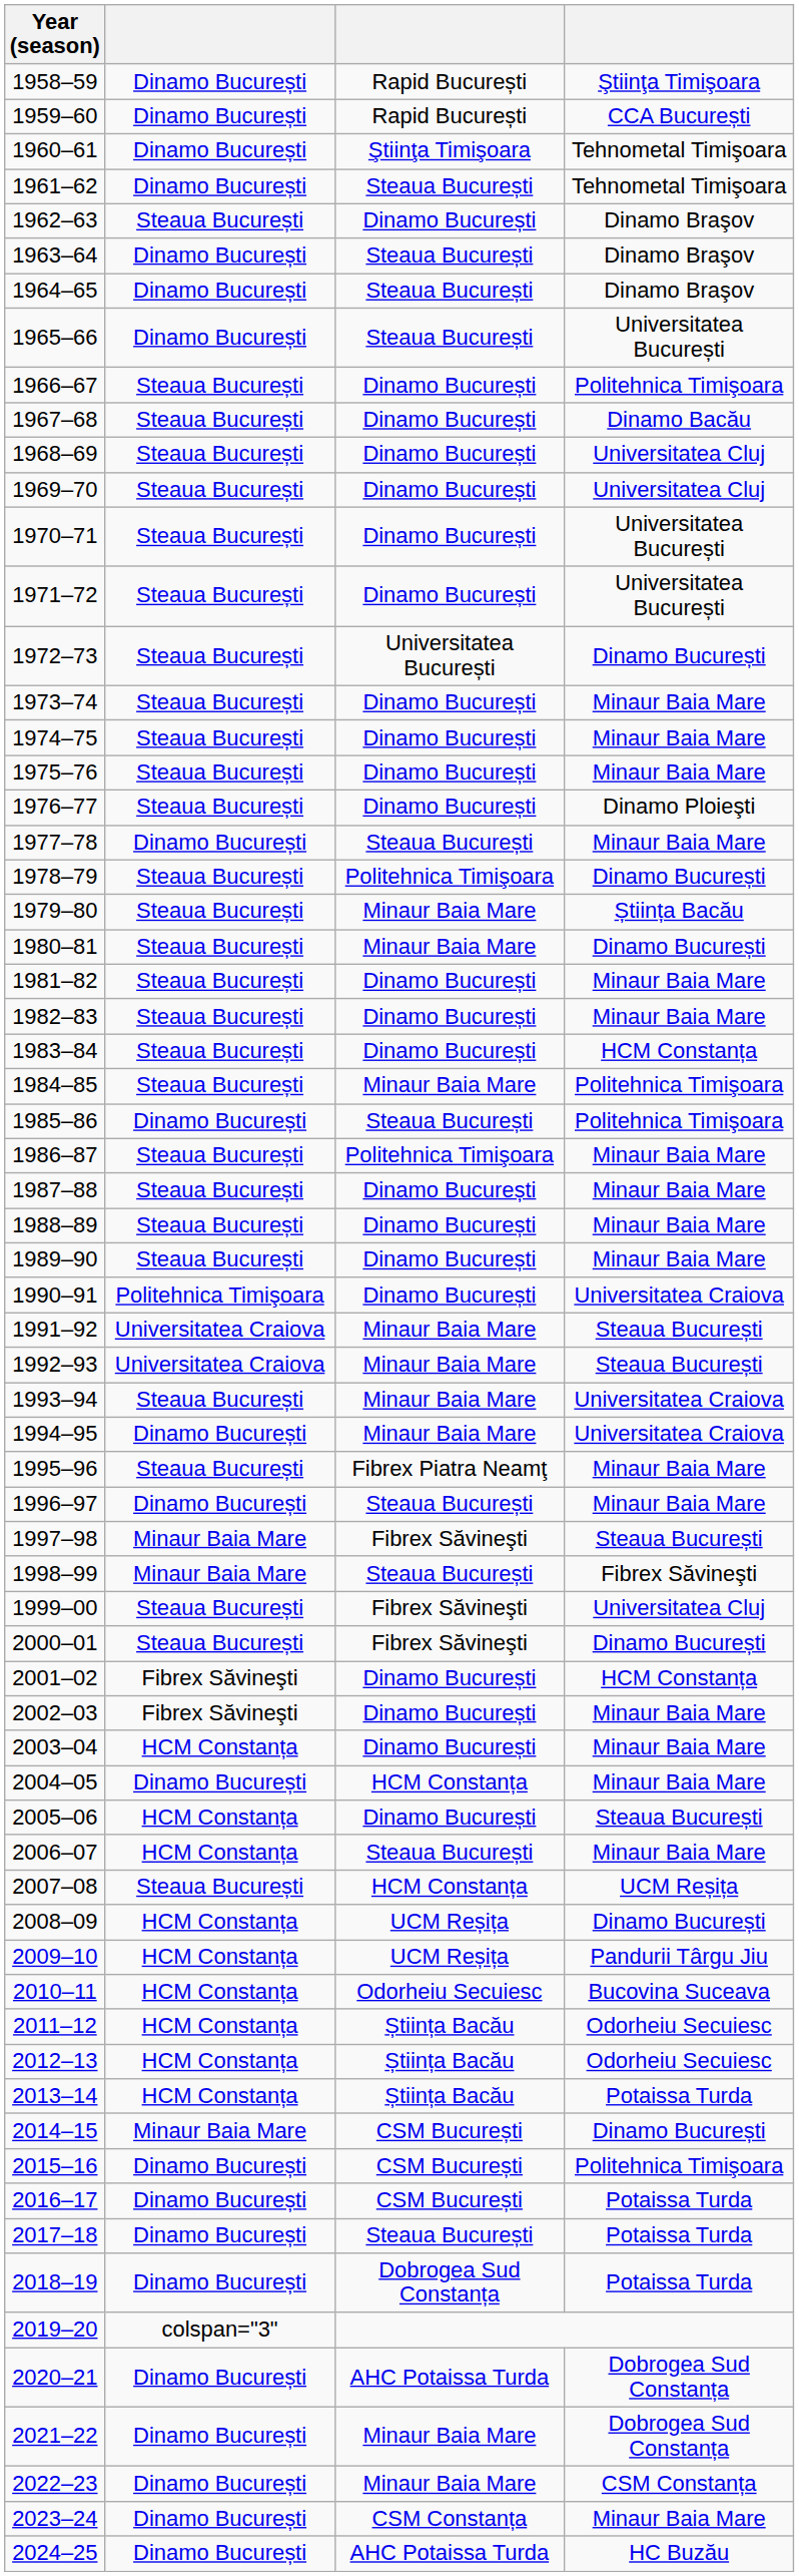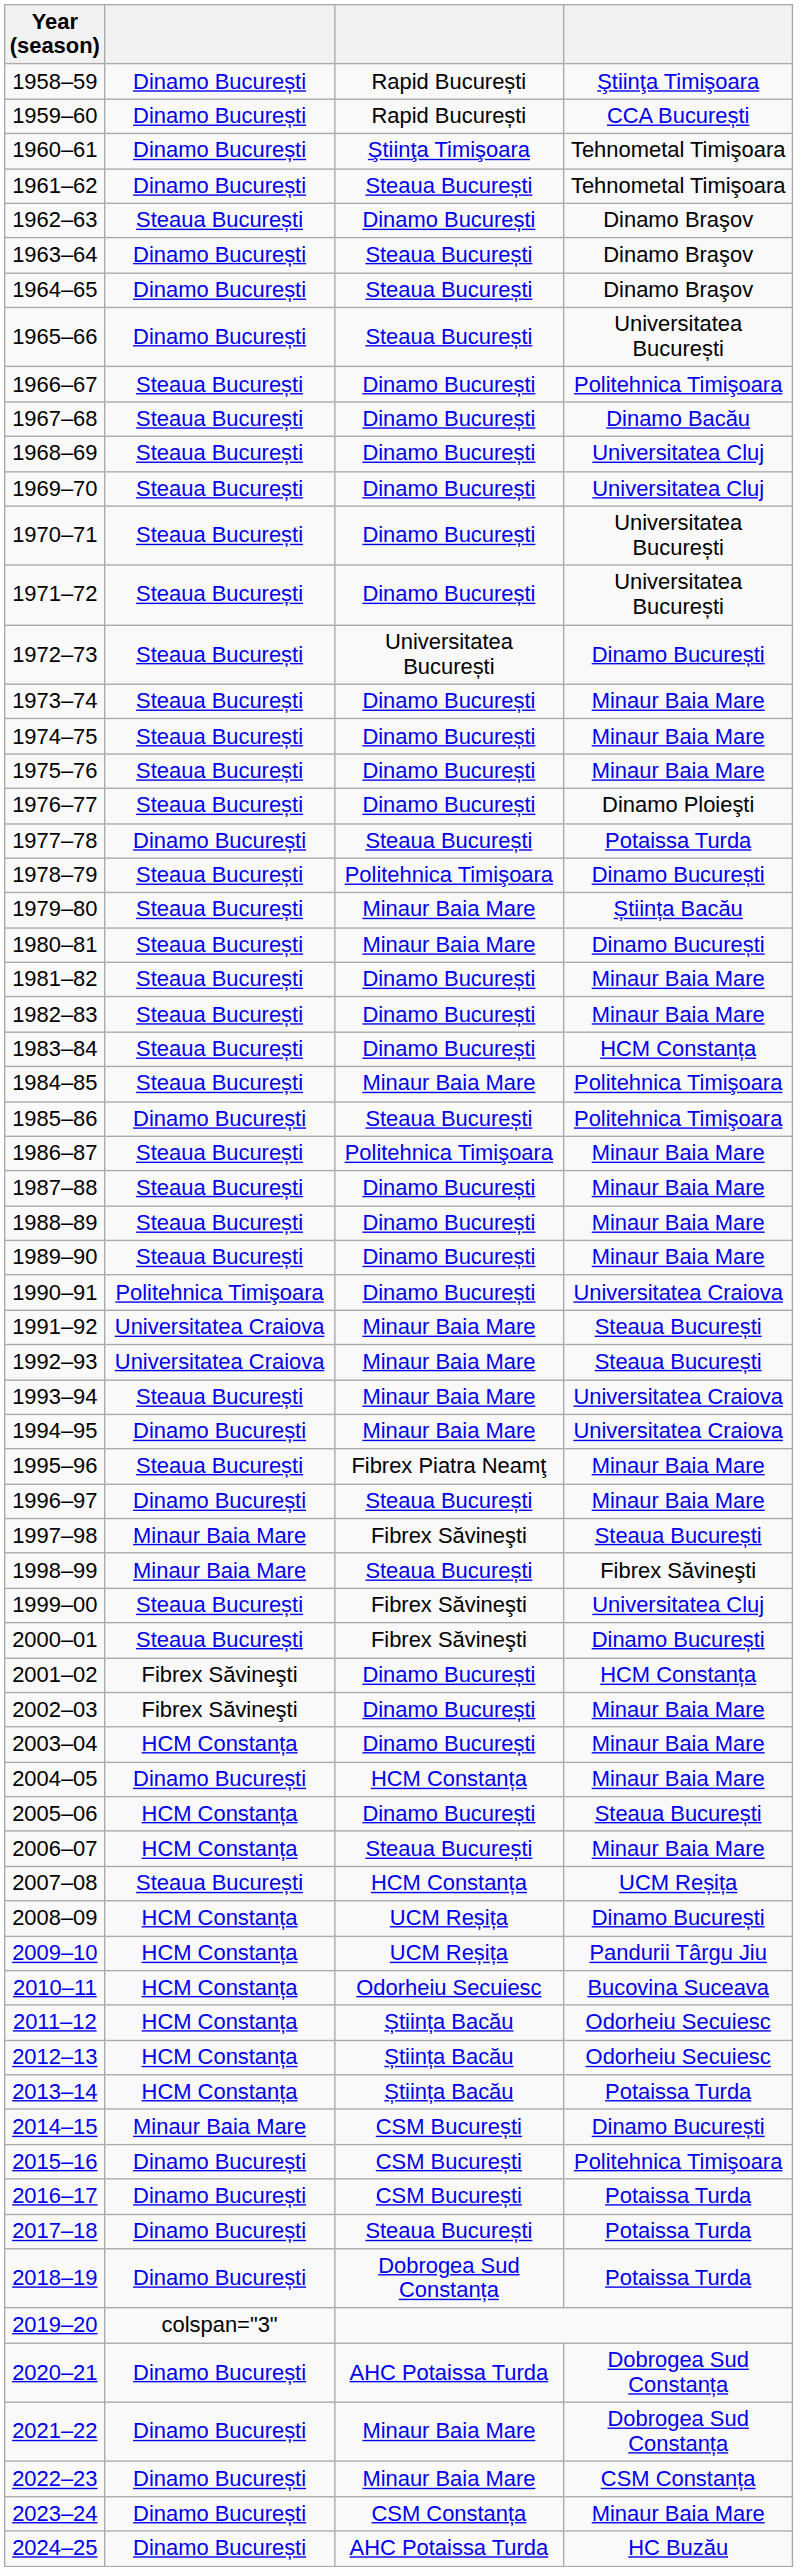 <table class="wikitable" style="text-align: center;">
 <tr>
 <th width="50"><strong>Year (season)</strong></th>
 <th width="160"></th>
 <th width="160"></th>
 <th width="160"></th>
 </tr>
 <tr>
 <td>1958–59</td>
 <td><a href='#'>Dinamo București</a></td>
 <td>Rapid București</td>
 <td><a href='#'>Ştiinţa Timişoara</a></td>
 </tr>
 <tr>
 <td>1959–60</td>
 <td><a href='#'>Dinamo București</a></td>
 <td>Rapid București</td>
 <td><a href='#'>CCA București</a></td>
 </tr>
 <tr>
 <td>1960–61</td>
 <td><a href='#'>Dinamo București</a></td>
 <td><a href='#'>Ştiinţa Timişoara</a></td>
 <td>Tehnometal Timişoara</td>
 </tr>
 <tr>
 <td>1961–62</td>
 <td><a href='#'>Dinamo București</a></td>
 <td><a href='#'>Steaua București</a></td>
 <td>Tehnometal Timişoara</td>
 </tr>
 <tr>
 <td>1962–63</td>
 <td><a href='#'>Steaua București</a></td>
 <td><a href='#'>Dinamo București</a></td>
 <td>Dinamo Braşov</td>
 </tr>
 <tr>
 <td>1963–64</td>
 <td><a href='#'>Dinamo București</a></td>
 <td><a href='#'>Steaua București</a></td>
 <td>Dinamo Braşov</td>
 </tr>
 <tr>
 <td>1964–65</td>
 <td><a href='#'>Dinamo București</a></td>
 <td><a href='#'>Steaua București</a></td>
 <td>Dinamo Braşov</td>
 </tr>
 <tr>
 <td>1965–66</td>
 <td><a href='#'>Dinamo București</a></td>
 <td><a href='#'>Steaua București</a></td>
 <td>Universitatea București</td>
 </tr>
 <tr>
 <td>1966–67</td>
 <td><a href='#'>Steaua București</a></td>
 <td><a href='#'>Dinamo București</a></td>
 <td><a href='#'>Politehnica Timişoara</a></td>
 </tr>
 <tr>
 <td>1967–68</td>
 <td><a href='#'>Steaua București</a></td>
 <td><a href='#'>Dinamo București</a></td>
 <td><a href='#'>Dinamo Bacău</a></td>
 </tr>
 <tr>
 <td>1968–69</td>
 <td><a href='#'>Steaua București</a></td>
 <td><a href='#'>Dinamo București</a></td>
 <td><a href='#'>Universitatea Cluj</a></td>
 </tr>
 <tr>
 <td>1969–70</td>
 <td><a href='#'>Steaua București</a></td>
 <td><a href='#'>Dinamo București</a></td>
 <td><a href='#'>Universitatea Cluj</a></td>
 </tr>
 <tr>
 <td>1970–71</td>
 <td><a href='#'>Steaua București</a></td>
 <td><a href='#'>Dinamo București</a></td>
 <td>Universitatea București</td>
 </tr>
 <tr>
 <td>1971–72</td>
 <td><a href='#'>Steaua București</a></td>
 <td><a href='#'>Dinamo București</a></td>
 <td>Universitatea București</td>
 </tr>
 <tr>
 <td>1972–73</td>
 <td><a href='#'>Steaua București</a></td>
 <td>Universitatea București</td>
 <td><a href='#'>Dinamo București</a></td>
 </tr>
 <tr>
 <td>1973–74</td>
 <td><a href='#'>Steaua București</a></td>
 <td><a href='#'>Dinamo București</a></td>
 <td><a href='#'>Minaur Baia Mare</a></td>
 </tr>
 <tr>
 <td>1974–75</td>
 <td><a href='#'>Steaua București</a></td>
 <td><a href='#'>Dinamo București</a></td>
 <td><a href='#'>Minaur Baia Mare</a></td>
 </tr>
 <tr>
 <td>1975–76</td>
 <td><a href='#'>Steaua București</a></td>
 <td><a href='#'>Dinamo București</a></td>
 <td><a href='#'>Minaur Baia Mare</a></td>
 </tr>
 <tr>
 <td>1976–77</td>
 <td><a href='#'>Steaua București</a></td>
 <td><a href='#'>Dinamo București</a></td>
 <td>Dinamo Ploieşti</td>
 </tr>
 <tr>
 <td>1977–78</td>
 <td><a href='#'>Dinamo București</a></td>
 <td><a href='#'>Steaua București</a></td>
-<td><a href='#'>Minaur Baia Mare</a></td>
+<td><a href='#'>Potaissa Turda</a></td>
 </tr>
 <tr>
 <td>1978–79</td>
 <td><a href='#'>Steaua București</a></td>
 <td><a href='#'>Politehnica Timişoara</a></td>
 <td><a href='#'>Dinamo București</a></td>
 </tr>
 <tr>
 <td>1979–80</td>
 <td><a href='#'>Steaua București</a></td>
 <td><a href='#'>Minaur Baia Mare</a></td>
 <td><a href='#'>Știința Bacău</a></td>
 </tr>
 <tr>
 <td>1980–81</td>
 <td><a href='#'>Steaua București</a></td>
 <td><a href='#'>Minaur Baia Mare</a></td>
 <td><a href='#'>Dinamo București</a></td>
 </tr>
 <tr>
 <td>1981–82</td>
 <td><a href='#'>Steaua București</a></td>
 <td><a href='#'>Dinamo București</a></td>
 <td><a href='#'>Minaur Baia Mare</a></td>
 </tr>
 <tr>
 <td>1982–83</td>
 <td><a href='#'>Steaua București</a></td>
 <td><a href='#'>Dinamo București</a></td>
 <td><a href='#'>Minaur Baia Mare</a></td>
 </tr>
 <tr>
 <td>1983–84</td>
 <td><a href='#'>Steaua București</a></td>
 <td><a href='#'>Dinamo București</a></td>
 <td><a href='#'>HCM Constanța</a></td>
 </tr>
 <tr>
 <td>1984–85</td>
 <td><a href='#'>Steaua București</a></td>
 <td><a href='#'>Minaur Baia Mare</a></td>
 <td><a href='#'>Politehnica Timişoara</a></td>
 </tr>
 <tr>
 <td>1985–86</td>
 <td><a href='#'>Dinamo București</a></td>
 <td><a href='#'>Steaua București</a></td>
 <td><a href='#'>Politehnica Timişoara</a></td>
 </tr>
 <tr>
 <td>1986–87</td>
 <td><a href='#'>Steaua București</a></td>
 <td><a href='#'>Politehnica Timişoara</a></td>
 <td><a href='#'>Minaur Baia Mare</a></td>
 </tr>
 <tr>
 <td>1987–88</td>
 <td><a href='#'>Steaua București</a></td>
 <td><a href='#'>Dinamo București</a></td>
 <td><a href='#'>Minaur Baia Mare</a></td>
 </tr>
 <tr>
 <td>1988–89</td>
 <td><a href='#'>Steaua București</a></td>
 <td><a href='#'>Dinamo București</a></td>
 <td><a href='#'>Minaur Baia Mare</a></td>
 </tr>
 <tr>
 <td>1989–90</td>
 <td><a href='#'>Steaua București</a></td>
 <td><a href='#'>Dinamo București</a></td>
 <td><a href='#'>Minaur Baia Mare</a></td>
 </tr>
 <tr>
 <td>1990–91</td>
 <td><a href='#'>Politehnica Timişoara</a></td>
 <td><a href='#'>Dinamo București</a></td>
 <td><a href='#'>Universitatea Craiova</a></td>
 </tr>
 <tr>
 <td>1991–92</td>
 <td><a href='#'>Universitatea Craiova</a></td>
 <td><a href='#'>Minaur Baia Mare</a></td>
 <td><a href='#'>Steaua București</a></td>
 </tr>
 <tr>
 <td>1992–93</td>
 <td><a href='#'>Universitatea Craiova</a></td>
 <td><a href='#'>Minaur Baia Mare</a></td>
 <td><a href='#'>Steaua București</a></td>
 </tr>
 <tr>
 <td>1993–94</td>
 <td><a href='#'>Steaua București</a></td>
 <td><a href='#'>Minaur Baia Mare</a></td>
 <td><a href='#'>Universitatea Craiova</a></td>
 </tr>
 <tr>
 <td>1994–95</td>
 <td><a href='#'>Dinamo București</a></td>
 <td><a href='#'>Minaur Baia Mare</a></td>
 <td><a href='#'>Universitatea Craiova</a></td>
 </tr>
 <tr>
 <td>1995–96</td>
 <td><a href='#'>Steaua București</a></td>
 <td>Fibrex Piatra Neamţ</td>
 <td><a href='#'>Minaur Baia Mare</a></td>
 </tr>
 <tr>
 <td>1996–97</td>
 <td><a href='#'>Dinamo București</a></td>
 <td><a href='#'>Steaua București</a></td>
 <td><a href='#'>Minaur Baia Mare</a></td>
 </tr>
 <tr>
 <td>1997–98</td>
 <td><a href='#'>Minaur Baia Mare</a></td>
 <td>Fibrex Săvineşti</td>
 <td><a href='#'>Steaua București</a></td>
 </tr>
 <tr>
 <td>1998–99</td>
 <td><a href='#'>Minaur Baia Mare</a></td>
 <td><a href='#'>Steaua București</a></td>
 <td>Fibrex Săvineşti</td>
 </tr>
 <tr>
 <td>1999–00</td>
 <td><a href='#'>Steaua București</a></td>
 <td>Fibrex Săvineşti</td>
 <td><a href='#'>Universitatea Cluj</a></td>
 </tr>
 <tr>
 <td>2000–01</td>
 <td><a href='#'>Steaua București</a></td>
 <td>Fibrex Săvineşti</td>
 <td><a href='#'>Dinamo București</a></td>
 </tr>
 <tr>
 <td>2001–02</td>
 <td>Fibrex Săvineşti</td>
 <td><a href='#'>Dinamo București</a></td>
 <td><a href='#'>HCM Constanța</a></td>
 </tr>
 <tr>
 <td>2002–03</td>
 <td>Fibrex Săvineşti</td>
 <td><a href='#'>Dinamo București</a></td>
 <td><a href='#'>Minaur Baia Mare</a></td>
 </tr>
 <tr>
 <td>2003–04</td>
 <td><a href='#'>HCM Constanța</a></td>
 <td><a href='#'>Dinamo București</a></td>
 <td><a href='#'>Minaur Baia Mare</a></td>
 </tr>
 <tr>
 <td>2004–05</td>
 <td><a href='#'>Dinamo București</a></td>
 <td><a href='#'>HCM Constanța</a></td>
 <td><a href='#'>Minaur Baia Mare</a></td>
 </tr>
 <tr>
 <td>2005–06</td>
 <td><a href='#'>HCM Constanța</a></td>
 <td><a href='#'>Dinamo București</a></td>
 <td><a href='#'>Steaua București</a></td>
 </tr>
 <tr>
 <td>2006–07</td>
 <td><a href='#'>HCM Constanța</a></td>
 <td><a href='#'>Steaua București</a></td>
 <td><a href='#'>Minaur Baia Mare</a></td>
 </tr>
 <tr>
 <td>2007–08</td>
 <td><a href='#'>Steaua București</a></td>
 <td><a href='#'>HCM Constanța</a></td>
 <td><a href='#'>UCM Reșița</a></td>
 </tr>
 <tr>
 <td>2008–09</td>
 <td><a href='#'>HCM Constanța</a></td>
 <td><a href='#'>UCM Reșița</a></td>
 <td><a href='#'>Dinamo București</a></td>
 </tr>
 <tr>
 <td><a href='#'>2009–10</a></td>
 <td><a href='#'>HCM Constanța</a></td>
 <td><a href='#'>UCM Reșița</a></td>
 <td><a href='#'>Pandurii Târgu Jiu</a></td>
 </tr>
 <tr>
 <td><a href='#'>2010–11</a></td>
 <td><a href='#'>HCM Constanța</a></td>
 <td><a href='#'>Odorheiu Secuiesc</a></td>
 <td><a href='#'>Bucovina Suceava</a></td>
 </tr>
 <tr>
 <td><a href='#'>2011–12</a></td>
 <td><a href='#'>HCM Constanța</a></td>
 <td><a href='#'>Știința Bacău</a></td>
 <td><a href='#'>Odorheiu Secuiesc</a></td>
 </tr>
 <tr>
 <td><a href='#'>2012–13</a></td>
 <td><a href='#'>HCM Constanța</a></td>
 <td><a href='#'>Știința Bacău</a></td>
 <td><a href='#'>Odorheiu Secuiesc</a></td>
 </tr>
 <tr>
 <td><a href='#'>2013–14</a></td>
 <td><a href='#'>HCM Constanța</a></td>
 <td><a href='#'>Știința Bacău</a></td>
 <td><a href='#'>Potaissa Turda</a></td>
 </tr>
 <tr>
 <td><a href='#'>2014–15</a></td>
 <td><a href='#'>Minaur Baia Mare</a></td>
 <td><a href='#'>CSM București</a></td>
 <td><a href='#'>Dinamo București</a></td>
 </tr>
 <tr>
 <td><a href='#'>2015–16</a></td>
 <td><a href='#'>Dinamo București</a></td>
 <td><a href='#'>CSM București</a></td>
 <td><a href='#'>Politehnica Timişoara</a></td>
 </tr>
 <tr>
 <td><a href='#'>2016–17</a></td>
 <td><a href='#'>Dinamo București</a></td>
 <td><a href='#'>CSM București</a></td>
 <td><a href='#'>Potaissa Turda</a></td>
 </tr>
 <tr>
 <td><a href='#'>2017–18</a></td>
 <td><a href='#'>Dinamo București</a></td>
 <td><a href='#'>Steaua București</a></td>
 <td><a href='#'>Potaissa Turda</a></td>
 </tr>
 <tr>
 <td><a href='#'>2018–19</a></td>
 <td><a href='#'>Dinamo București</a></td>
 <td><a href='#'>Dobrogea Sud Constanța</a></td>
 <td><a href='#'>Potaissa Turda</a></td>
 </tr>
 <tr>
 <td><a href='#'>2019–20</a></td>
 <td>colspan="3" </td>
 </tr>
 <tr>
 <td><a href='#'>2020–21</a></td>
 <td><a href='#'>Dinamo București</a></td>
 <td><a href='#'>AHC Potaissa Turda</a></td>
 <td><a href='#'>Dobrogea Sud Constanța</a></td>
 </tr>
 <tr>
 <td><a href='#'>2021–22</a></td>
 <td><a href='#'>Dinamo București</a></td>
 <td><a href='#'>Minaur Baia Mare</a></td>
 <td><a href='#'>Dobrogea Sud Constanța</a></td>
 </tr>
 <tr>
 <td><a href='#'>2022–23</a></td>
 <td><a href='#'>Dinamo București</a></td>
 <td><a href='#'>Minaur Baia Mare</a></td>
 <td><a href='#'>CSM Constanța</a></td>
 </tr>
 <tr>
 <td><a href='#'>2023–24</a></td>
 <td><a href='#'>Dinamo București</a></td>
 <td><a href='#'>CSM Constanța</a></td>
 <td><a href='#'>Minaur Baia Mare</a></td>
 </tr>
 <tr>
 <td><a href='#'>2024–25</a></td>
 <td><a href='#'>Dinamo București</a></td>
 <td><a href='#'>AHC Potaissa Turda</a></td>
 <td><a href='#'>HC Buzău</a></td>
 </tr>
 </table>
